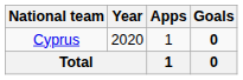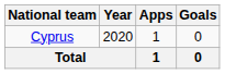 <table class=wikitable style="text-align: center">
 <tr>
 <th>National team</th>
 <th>Year</th>
 <th>Apps</th>
 <th>Goals</th>
 </tr>
 <tr>
 <td rowspan=1><a href='#'>Cyprus</a></td>
 <td>2020</td>
 <td>1</td>
-<td><strong>0</strong></td>
+<td>0</td>
 </tr>
 <tr>
 <th colspan=2>Total</th>
 <th>1</th>
 <th>0</th>
 </tr>
 </table>
